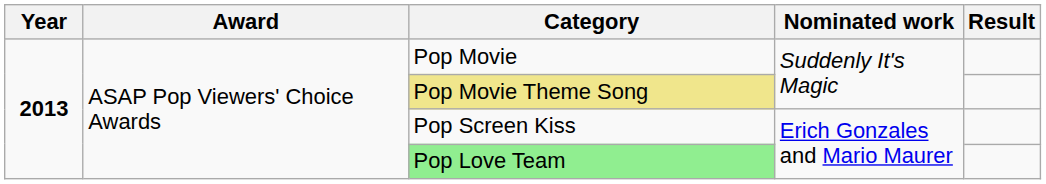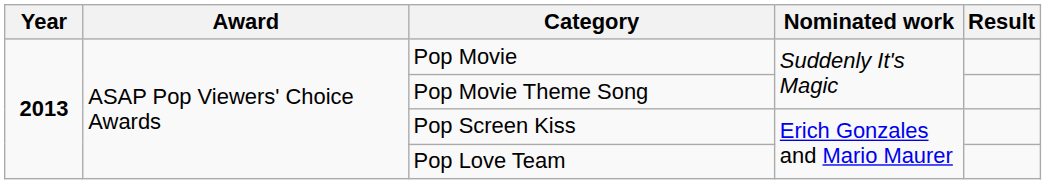 <table class="wikitable">
 <tr>
 <th style="width:50px;">Year</th>
 <th style="width:230px;">Award</th>
 <th style="width:260px;">Category</th>
 <th style="width:130px;">Nominated work</th>
 <th>Result</th>
 </tr>
 <tr>
 <td rowspan="4" style="text-align:center"><strong>2013</strong></td>
 <td rowspan="4">ASAP Pop Viewers' Choice Awards</td>
 <td>Pop Movie</td>
 <td rowspan="2"><em>Suddenly It's Magic</em></td>
 <td></td>
 </tr>
 <tr>
-<td style="background: khaki;">Pop Movie Theme Song</td>
+<td>Pop Movie Theme Song</td>
 <td></td>
 </tr>
 <tr>
 <td>Pop Screen Kiss</td>
 <td rowspan="2"><a href='#'>Erich Gonzales</a> and <a href='#'>Mario Maurer</a></td>
 <td></td>
 </tr>
 <tr>
-<td style="background: lightgreen;">Pop Love Team</td>
+<td>Pop Love Team</td>
 <td></td>
 </tr>
 </table>
